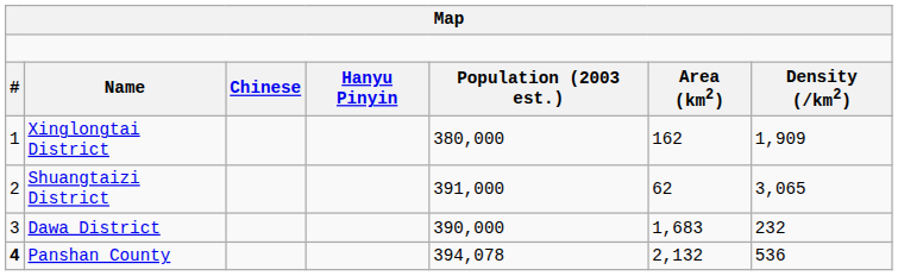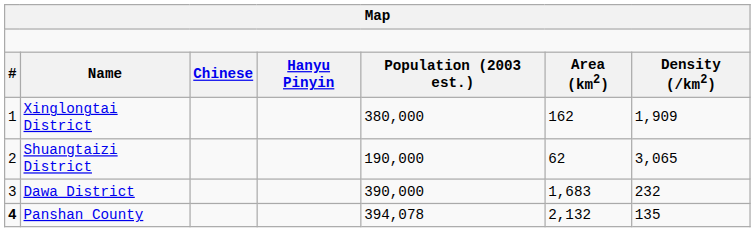 <table class="wikitable"  style="font-size:90%;" align=center>
 <tr>
 <th colspan="7" align="center">Map</th>
 </tr>
 <tr>
 <td colspan="7" align="center"><div><br>       </div></td>
 </tr>
 <tr>
 <th>#</th>
 <th>Name</th>
 <th><a href='#'>Chinese</a></th>
 <th><a href='#'>Hanyu Pinyin</a></th>
 <th>Population (2003 est.)</th>
 <th>Area (km<sup>2</sup>)</th>
 <th>Density (/km<sup>2</sup>)</th>
 </tr>
 <tr --------->
 <td>1</td>
 <td><a href='#'>Xinglongtai District</a></td>
 <td></td>
 <td></td>
 <td>380,000</td>
 <td>162</td>
 <td>1,909</td>
 </tr>
 <tr --------->
 <td>2</td>
 <td><a href='#'>Shuangtaizi District</a></td>
 <td></td>
 <td></td>
-<td>391,000</td>
+<td>190,000</td>
 <td>62</td>
 <td>3,065</td>
 </tr>
 <tr --------->
 <td>3</td>
 <td><a href='#'>Dawa District</a></td>
 <td></td>
 <td></td>
 <td>390,000</td>
 <td>1,683</td>
 <td>232</td>
 </tr>
 <tr --------->
 <td><strong>4</strong></td>
 <td><a href='#'>Panshan County</a></td>
 <td></td>
 <td></td>
 <td>394,078</td>
 <td>2,132</td>
-<td>536</td>
+<td>135</td>
 </tr>
 </table>
